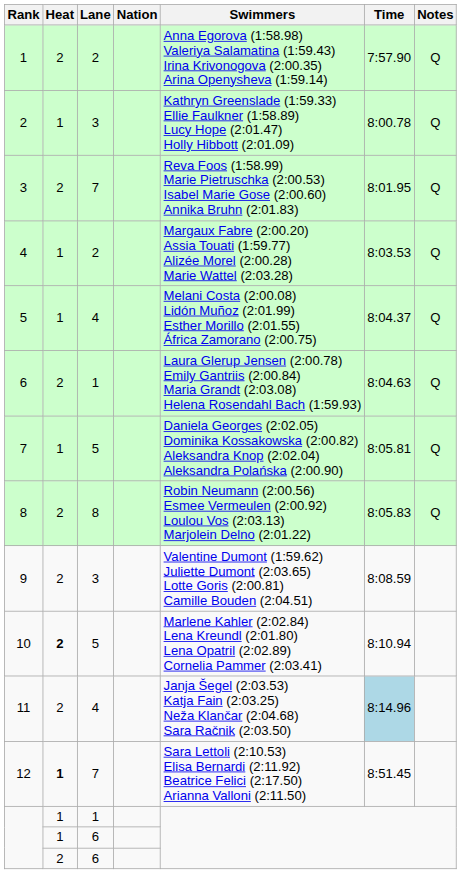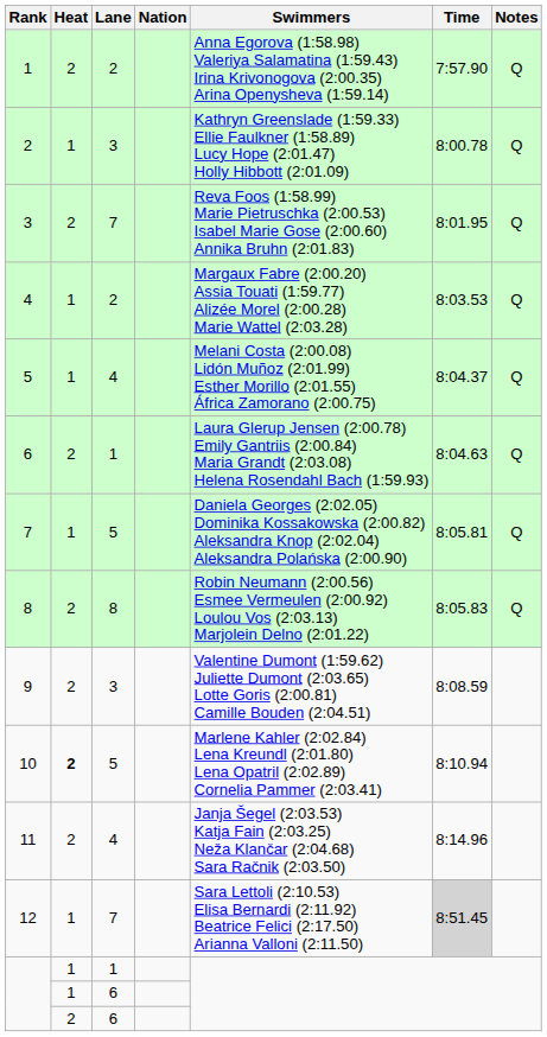 <table class="wikitable sortable" style="text-align:center">
 <tr>
 <th>Rank</th>
 <th>Heat</th>
 <th>Lane</th>
 <th>Nation</th>
 <th>Swimmers</th>
 <th>Time</th>
 <th>Notes</th>
 </tr>
 <tr bgcolor=ccffcc>
 <td>1</td>
 <td>2</td>
 <td>2</td>
 <td align=left></td>
 <td align=left><a href='#'>Anna Egorova</a> (1:58.98)<br><a href='#'>Valeriya Salamatina</a> (1:59.43)<br><a href='#'>Irina Krivonogova</a> (2:00.35)<br><a href='#'>Arina Openysheva</a> (1:59.14)</td>
 <td>7:57.90</td>
 <td>Q</td>
 </tr>
 <tr bgcolor=ccffcc>
 <td>2</td>
 <td>1</td>
 <td>3</td>
 <td align=left></td>
 <td align=left><a href='#'>Kathryn Greenslade</a> (1:59.33)<br><a href='#'>Ellie Faulkner</a> (1:58.89)<br><a href='#'>Lucy Hope</a> (2:01.47)<br><a href='#'>Holly Hibbott</a> (2:01.09)</td>
 <td>8:00.78</td>
 <td>Q</td>
 </tr>
 <tr bgcolor=ccffcc>
 <td>3</td>
 <td>2</td>
 <td>7</td>
 <td align=left></td>
 <td align=left><a href='#'>Reva Foos</a> (1:58.99)<br><a href='#'>Marie Pietruschka</a> (2:00.53)<br><a href='#'>Isabel Marie Gose</a> (2:00.60)<br><a href='#'>Annika Bruhn</a> (2:01.83)</td>
 <td>8:01.95</td>
 <td>Q</td>
 </tr>
 <tr bgcolor=ccffcc>
 <td>4</td>
 <td>1</td>
 <td>2</td>
 <td align=left></td>
 <td align=left><a href='#'>Margaux Fabre</a> (2:00.20)<br><a href='#'>Assia Touati</a> (1:59.77)<br><a href='#'>Alizée Morel</a> (2:00.28)<br><a href='#'>Marie Wattel</a> (2:03.28)</td>
 <td>8:03.53</td>
 <td>Q</td>
 </tr>
 <tr bgcolor=ccffcc>
 <td>5</td>
 <td>1</td>
 <td>4</td>
 <td align=left></td>
 <td align=left><a href='#'>Melani Costa</a> (2:00.08)<br><a href='#'>Lidón Muñoz</a> (2:01.99)<br><a href='#'>Esther Morillo</a> (2:01.55)<br><a href='#'>África Zamorano</a> (2:00.75)</td>
 <td>8:04.37</td>
 <td>Q</td>
 </tr>
 <tr bgcolor=ccffcc>
 <td>6</td>
 <td>2</td>
 <td>1</td>
 <td align=left></td>
 <td align=left><a href='#'>Laura Glerup Jensen</a> (2:00.78)<br><a href='#'>Emily Gantriis</a> (2:00.84)<br><a href='#'>Maria Grandt</a> (2:03.08)<br><a href='#'>Helena Rosendahl Bach</a> (1:59.93)</td>
 <td>8:04.63</td>
 <td>Q</td>
 </tr>
 <tr bgcolor=ccffcc>
 <td>7</td>
 <td>1</td>
 <td>5</td>
 <td align=left></td>
 <td align=left><a href='#'>Daniela Georges</a>  (2:02.05)<br><a href='#'>Dominika Kossakowska</a> (2:00.82)<br><a href='#'>Aleksandra Knop</a> (2:02.04)<br><a href='#'>Aleksandra Polańska</a> (2:00.90)</td>
 <td>8:05.81</td>
 <td>Q</td>
 </tr>
 <tr bgcolor=ccffcc>
 <td>8</td>
 <td>2</td>
 <td>8</td>
 <td align=left></td>
 <td align=left><a href='#'>Robin Neumann</a> (2:00.56)<br><a href='#'>Esmee Vermeulen</a> (2:00.92)<br><a href='#'>Loulou Vos</a> (2:03.13)<br><a href='#'>Marjolein Delno</a> (2:01.22)</td>
 <td>8:05.83</td>
 <td>Q</td>
 </tr>
 <tr>
 <td>9</td>
 <td>2</td>
 <td>3</td>
 <td align=left></td>
 <td align=left><a href='#'>Valentine Dumont</a> (1:59.62)<br><a href='#'>Juliette Dumont</a> (2:03.65)<br><a href='#'>Lotte Goris</a> (2:00.81)<br><a href='#'>Camille Bouden</a> (2:04.51)</td>
 <td>8:08.59</td>
 <td></td>
 </tr>
 <tr>
 <td>10</td>
 <td><strong>2</strong></td>
 <td>5</td>
 <td align=left></td>
 <td align=left><a href='#'>Marlene Kahler</a> (2:02.84)<br><a href='#'>Lena Kreundl</a> (2:01.80)<br><a href='#'>Lena Opatril</a> (2:02.89)<br><a href='#'>Cornelia Pammer</a> (2:03.41)</td>
 <td>8:10.94</td>
 <td></td>
 </tr>
 <tr>
 <td>11</td>
 <td>2</td>
 <td>4</td>
 <td align=left></td>
 <td align=left><a href='#'>Janja Šegel</a> (2:03.53)<br><a href='#'>Katja Fain</a> (2:03.25)<br><a href='#'>Neža Klančar</a> (2:04.68)<br><a href='#'>Sara Račnik</a> (2:03.50)</td>
-<td style="background: lightblue;">8:14.96</td>
+<td>8:14.96</td>
 <td></td>
 </tr>
 <tr>
 <td>12</td>
-<td><strong>1</strong></td>
+<td>1</td>
 <td>7</td>
 <td align=left></td>
 <td align=left><a href='#'>Sara Lettoli</a> (2:10.53)<br><a href='#'>Elisa Bernardi</a> (2:11.92)<br><a href='#'>Beatrice Felici</a> (2:17.50)<br><a href='#'>Arianna Valloni</a> (2:11.50)</td>
-<td>8:51.45</td>
+<td style="background: lightgrey;">8:51.45</td>
 <td></td>
 </tr>
 <tr>
 <td rowspan=3></td>
 <td>1</td>
 <td>1</td>
 <td align=left></td>
 <td colspan=3 rowspan=3></td>
 </tr>
 <tr>
 <td>1</td>
 <td>6</td>
 <td align=left></td>
 </tr>
 <tr>
 <td>2</td>
 <td>6</td>
 <td align=left></td>
 </tr>
 </table>
